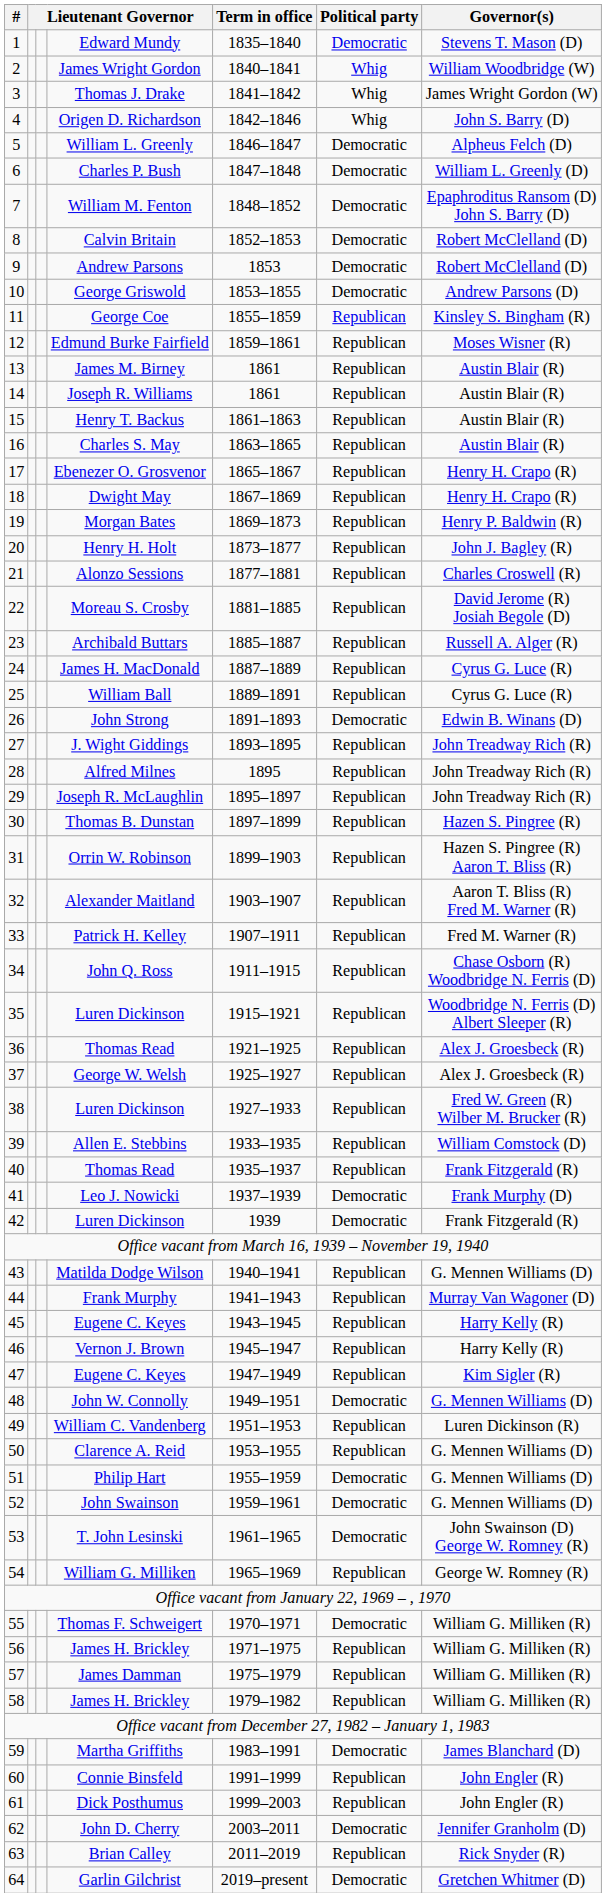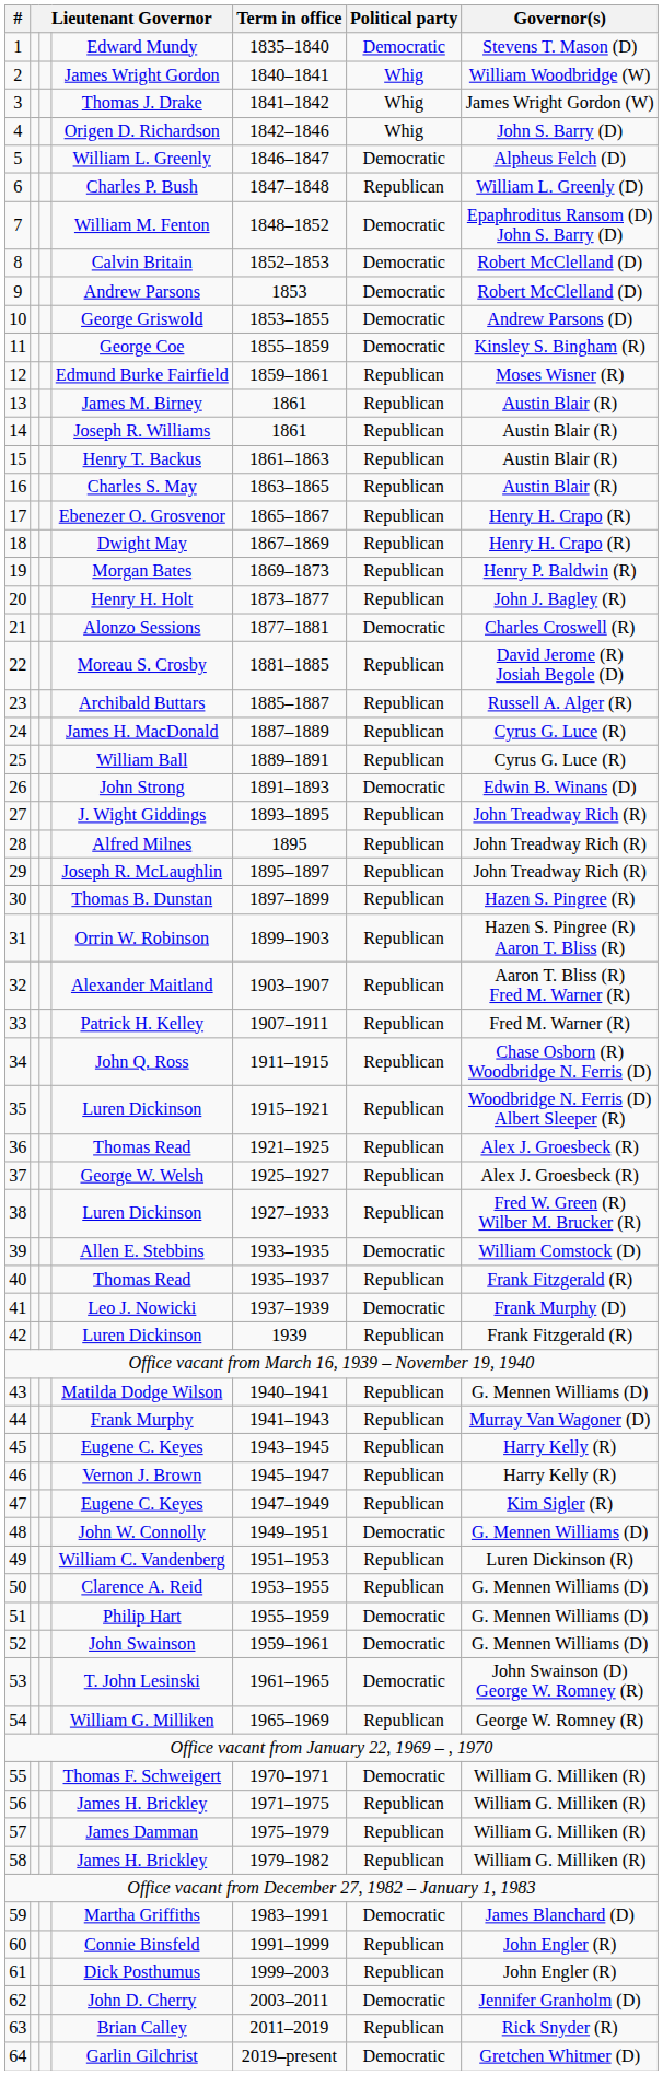 <table class="wikitable" style="text-align:center;">
 <tr>
 <th>#</th>
 <th colspan=3>Lieutenant Governor</th>
 <th>Term in office</th>
 <th>Political party</th>
 <th>Governor(s)</th>
 </tr>
 <tr>
 <td>1</td>
 <td></td>
 <td style="background:"> </td>
 <td><a href='#'>Edward Mundy</a></td>
 <td>1835–1840</td>
 <td><a href='#'>Democratic</a></td>
 <td><a href='#'>Stevens T. Mason</a> (D)</td>
 </tr>
 <tr>
 <td>2</td>
 <td></td>
 <td style="background:"> </td>
 <td><a href='#'>James Wright Gordon</a></td>
 <td>1840–1841</td>
 <td><a href='#'>Whig</a></td>
 <td><a href='#'>William Woodbridge</a> (W)</td>
 </tr>
 <tr>
 <td>3</td>
 <td></td>
 <td style="background:"> </td>
 <td><a href='#'>Thomas J. Drake</a></td>
 <td>1841–1842</td>
 <td>Whig</td>
 <td>James Wright Gordon (W)</td>
 </tr>
 <tr>
 <td>4</td>
 <td></td>
 <td style="background:"> </td>
 <td><a href='#'>Origen D. Richardson</a></td>
 <td>1842–1846</td>
 <td>Whig</td>
 <td><a href='#'>John S. Barry</a> (D)</td>
 </tr>
 <tr>
 <td>5</td>
 <td></td>
 <td style="background:"> </td>
 <td><a href='#'>William L. Greenly</a></td>
 <td>1846–1847</td>
 <td>Democratic</td>
 <td><a href='#'>Alpheus Felch</a> (D)</td>
 </tr>
 <tr>
 <td>6</td>
 <td></td>
 <td style="background:"> </td>
 <td><a href='#'>Charles P. Bush</a></td>
 <td>1847–1848</td>
-<td>Democratic</td>
+<td>Republican</td>
 <td><a href='#'>William L. Greenly</a> (D)</td>
 </tr>
 <tr>
 <td>7</td>
 <td></td>
 <td style="background:"> </td>
 <td><a href='#'>William M. Fenton</a></td>
 <td>1848–1852</td>
 <td>Democratic</td>
 <td><a href='#'>Epaphroditus Ransom</a> (D)<br><a href='#'>John S. Barry</a> (D)</td>
 </tr>
 <tr>
 <td>8</td>
 <td></td>
 <td style="background:"> </td>
 <td><a href='#'>Calvin Britain</a></td>
 <td>1852–1853</td>
 <td>Democratic</td>
 <td><a href='#'>Robert McClelland</a> (D)</td>
 </tr>
 <tr>
 <td>9</td>
 <td></td>
 <td style="background:"> </td>
 <td><a href='#'>Andrew Parsons</a></td>
 <td>1853</td>
 <td>Democratic</td>
 <td><a href='#'>Robert McClelland</a> (D)</td>
 </tr>
 <tr>
 <td>10</td>
 <td></td>
 <td style="background:"> </td>
 <td><a href='#'>George Griswold</a></td>
 <td>1853–1855</td>
 <td>Democratic</td>
 <td><a href='#'>Andrew Parsons</a> (D)</td>
 </tr>
 <tr>
 <td>11</td>
 <td></td>
 <td style="background:"> </td>
 <td><a href='#'>George Coe</a></td>
 <td>1855–1859</td>
-<td><a href='#'>Republican</a></td>
+<td>Democratic</td>
 <td><a href='#'>Kinsley S. Bingham</a> (R)</td>
 </tr>
 <tr>
 <td>12</td>
 <td></td>
 <td style="background:"> </td>
 <td><a href='#'>Edmund Burke Fairfield</a></td>
 <td>1859–1861</td>
 <td>Republican</td>
 <td><a href='#'>Moses Wisner</a> (R)</td>
 </tr>
 <tr>
 <td>13</td>
 <td></td>
 <td style="background:"> </td>
 <td><a href='#'>James M. Birney</a></td>
 <td>1861</td>
 <td>Republican</td>
 <td><a href='#'>Austin Blair</a> (R)</td>
 </tr>
 <tr>
 <td>14</td>
 <td></td>
 <td style="background:"> </td>
 <td><a href='#'>Joseph R. Williams</a></td>
 <td>1861</td>
 <td>Republican</td>
 <td>Austin Blair (R)</td>
 </tr>
 <tr>
 <td>15</td>
 <td></td>
 <td style="background:"> </td>
 <td><a href='#'>Henry T. Backus</a></td>
 <td>1861–1863</td>
 <td>Republican</td>
 <td>Austin Blair (R)</td>
 </tr>
 <tr>
 <td>16</td>
 <td></td>
 <td style="background:"> </td>
 <td><a href='#'>Charles S. May</a></td>
 <td>1863–1865</td>
 <td>Republican</td>
 <td><a href='#'>Austin Blair</a> (R)</td>
 </tr>
 <tr>
 <td>17</td>
 <td></td>
 <td style="background:"> </td>
 <td><a href='#'>Ebenezer O. Grosvenor</a></td>
 <td>1865–1867</td>
 <td>Republican</td>
 <td><a href='#'>Henry H. Crapo</a> (R)</td>
 </tr>
 <tr>
 <td>18</td>
 <td></td>
 <td style="background:"> </td>
 <td><a href='#'>Dwight May</a></td>
 <td>1867–1869</td>
 <td>Republican</td>
 <td><a href='#'>Henry H. Crapo</a> (R)</td>
 </tr>
 <tr>
 <td>19</td>
 <td></td>
 <td style="background:"> </td>
 <td><a href='#'>Morgan Bates</a></td>
 <td>1869–1873</td>
 <td>Republican</td>
 <td><a href='#'>Henry P. Baldwin</a> (R)</td>
 </tr>
 <tr>
 <td>20</td>
 <td></td>
 <td style="background:"> </td>
 <td><a href='#'>Henry H. Holt</a></td>
 <td>1873–1877</td>
 <td>Republican</td>
 <td><a href='#'>John J. Bagley</a> (R)</td>
 </tr>
 <tr>
 <td>21</td>
 <td></td>
 <td style="background:"> </td>
 <td><a href='#'>Alonzo Sessions</a></td>
 <td>1877–1881</td>
-<td>Republican</td>
+<td>Democratic</td>
 <td><a href='#'>Charles Croswell</a> (R)</td>
 </tr>
 <tr>
 <td>22</td>
 <td></td>
 <td style="background:"> </td>
 <td><a href='#'>Moreau S. Crosby</a></td>
 <td>1881–1885</td>
 <td>Republican</td>
 <td><a href='#'>David Jerome</a> (R)<br><a href='#'>Josiah Begole</a> (D)</td>
 </tr>
 <tr>
 <td>23</td>
 <td></td>
 <td style="background:"> </td>
 <td><a href='#'>Archibald Buttars</a></td>
 <td>1885–1887</td>
 <td>Republican</td>
 <td><a href='#'>Russell A. Alger</a> (R)</td>
 </tr>
 <tr>
 <td>24</td>
 <td></td>
 <td style="background:"> </td>
 <td><a href='#'>James H. MacDonald</a></td>
 <td>1887–1889</td>
 <td>Republican</td>
 <td><a href='#'>Cyrus G. Luce</a> (R)</td>
 </tr>
 <tr>
 <td>25</td>
 <td></td>
 <td style="background:"> </td>
 <td><a href='#'>William Ball</a></td>
 <td>1889–1891</td>
 <td>Republican</td>
 <td>Cyrus G. Luce (R)</td>
 </tr>
 <tr>
 <td>26</td>
 <td></td>
 <td style="background:"> </td>
 <td><a href='#'>John Strong</a></td>
 <td>1891–1893</td>
 <td>Democratic</td>
 <td><a href='#'>Edwin B. Winans</a> (D)</td>
 </tr>
 <tr>
 <td>27</td>
 <td></td>
 <td style="background:"> </td>
 <td><a href='#'>J. Wight Giddings</a></td>
 <td>1893–1895</td>
 <td>Republican</td>
 <td><a href='#'>John Treadway Rich</a> (R)</td>
 </tr>
 <tr>
 <td>28</td>
 <td></td>
 <td style="background:"> </td>
 <td><a href='#'>Alfred Milnes</a></td>
 <td>1895</td>
 <td>Republican</td>
 <td>John Treadway Rich (R)</td>
 </tr>
 <tr>
 <td>29</td>
 <td></td>
 <td style="background:"> </td>
 <td><a href='#'>Joseph R. McLaughlin</a></td>
 <td>1895–1897</td>
 <td>Republican</td>
 <td>John Treadway Rich (R)</td>
 </tr>
 <tr>
 <td>30</td>
 <td></td>
 <td style="background:"> </td>
 <td><a href='#'>Thomas B. Dunstan</a></td>
 <td>1897–1899</td>
 <td>Republican</td>
 <td><a href='#'>Hazen S. Pingree</a> (R)</td>
 </tr>
 <tr>
 <td>31</td>
 <td></td>
 <td style="background:"> </td>
 <td><a href='#'>Orrin W. Robinson</a></td>
 <td>1899–1903</td>
 <td>Republican</td>
 <td>Hazen S. Pingree (R)<br><a href='#'>Aaron T. Bliss</a> (R)</td>
 </tr>
 <tr>
 <td>32</td>
 <td></td>
 <td style="background:"> </td>
 <td><a href='#'>Alexander Maitland</a></td>
 <td>1903–1907</td>
 <td>Republican</td>
 <td>Aaron T. Bliss (R)<br><a href='#'>Fred M. Warner</a> (R)</td>
 </tr>
 <tr>
 <td>33</td>
 <td></td>
 <td style="background:"> </td>
 <td><a href='#'>Patrick H. Kelley</a></td>
 <td>1907–1911</td>
 <td>Republican</td>
 <td>Fred M. Warner (R)</td>
 </tr>
 <tr>
 <td>34</td>
 <td></td>
 <td style="background:"> </td>
 <td><a href='#'>John Q. Ross</a></td>
 <td>1911–1915</td>
 <td>Republican</td>
 <td><a href='#'>Chase Osborn</a> (R) <br><a href='#'>Woodbridge N. Ferris</a> (D)</td>
 </tr>
 <tr>
 <td>35</td>
 <td></td>
 <td style="background:"> </td>
 <td><a href='#'>Luren Dickinson</a></td>
 <td>1915–1921</td>
 <td>Republican</td>
 <td><a href='#'>Woodbridge N. Ferris</a> (D) <br> <a href='#'>Albert Sleeper</a> (R)</td>
 </tr>
 <tr>
 <td>36</td>
 <td></td>
 <td style="background:"> </td>
 <td><a href='#'>Thomas Read</a></td>
 <td>1921–1925</td>
 <td>Republican</td>
 <td><a href='#'>Alex J. Groesbeck</a> (R)</td>
 </tr>
 <tr>
 <td>37</td>
 <td></td>
 <td style="background:"> </td>
 <td><a href='#'>George W. Welsh</a></td>
 <td>1925–1927</td>
 <td>Republican</td>
 <td>Alex J. Groesbeck (R)</td>
 </tr>
 <tr>
 <td>38</td>
 <td></td>
 <td style="background:"> </td>
 <td><a href='#'>Luren Dickinson</a></td>
 <td>1927–1933</td>
 <td>Republican</td>
 <td><a href='#'>Fred W. Green</a> (R) <br><a href='#'>Wilber M. Brucker</a> (R)</td>
 </tr>
 <tr>
 <td>39</td>
 <td></td>
 <td style="background:"> </td>
 <td><a href='#'>Allen E. Stebbins</a></td>
 <td>1933–1935</td>
-<td>Republican</td>
+<td>Democratic</td>
 <td><a href='#'>William Comstock</a> (D)</td>
 </tr>
 <tr>
 <td>40</td>
 <td></td>
 <td style="background:"> </td>
 <td><a href='#'>Thomas Read</a></td>
 <td>1935–1937</td>
 <td>Republican</td>
 <td><a href='#'>Frank Fitzgerald</a> (R)</td>
 </tr>
 <tr>
 <td>41</td>
 <td></td>
 <td style="background:"> </td>
 <td><a href='#'>Leo J. Nowicki</a></td>
 <td>1937–1939</td>
 <td>Democratic</td>
 <td><a href='#'>Frank Murphy</a> (D)</td>
 </tr>
 <tr>
 <td>42</td>
 <td></td>
 <td style="background:"> </td>
 <td><a href='#'>Luren Dickinson</a></td>
 <td>1939</td>
-<td>Democratic</td>
+<td>Republican</td>
 <td>Frank Fitzgerald (R)</td>
 </tr>
 <tr>
 <td colspan=7 align=center><em>Office vacant from March 16, 1939 – November 19, 1940</em></td>
 </tr>
 <tr>
 <td>43</td>
 <td></td>
 <td style="background:"> </td>
 <td><a href='#'>Matilda Dodge Wilson</a></td>
 <td>1940–1941</td>
 <td>Republican</td>
 <td>G. Mennen Williams (D)</td>
 </tr>
 <tr>
 <td>44</td>
 <td></td>
 <td style="background:"> </td>
 <td><a href='#'>Frank Murphy</a></td>
 <td>1941–1943</td>
 <td>Republican</td>
 <td><a href='#'>Murray Van Wagoner</a> (D)</td>
 </tr>
 <tr>
 <td>45</td>
 <td></td>
 <td style="background:"> </td>
 <td><a href='#'>Eugene C. Keyes</a></td>
 <td>1943–1945</td>
 <td>Republican</td>
 <td><a href='#'>Harry Kelly</a> (R)</td>
 </tr>
 <tr>
 <td>46</td>
 <td></td>
 <td style="background:"> </td>
 <td><a href='#'>Vernon J. Brown</a></td>
 <td>1945–1947</td>
 <td>Republican</td>
 <td>Harry Kelly (R)</td>
 </tr>
 <tr>
 <td>47</td>
 <td></td>
 <td style="background:"> </td>
 <td><a href='#'>Eugene C. Keyes</a></td>
 <td>1947–1949</td>
 <td>Republican</td>
 <td><a href='#'>Kim Sigler</a> (R)</td>
 </tr>
 <tr>
 <td>48</td>
 <td></td>
 <td style="background:"> </td>
 <td><a href='#'>John W. Connolly</a></td>
 <td>1949–1951</td>
 <td>Democratic</td>
 <td><a href='#'>G. Mennen Williams</a> (D)</td>
 </tr>
 <tr>
 <td>49</td>
 <td></td>
 <td style="background:"> </td>
 <td><a href='#'>William C. Vandenberg</a></td>
 <td>1951–1953</td>
 <td>Republican</td>
 <td>Luren Dickinson (R)</td>
 </tr>
 <tr>
 <td>50</td>
 <td></td>
 <td style="background:"> </td>
 <td><a href='#'>Clarence A. Reid</a></td>
 <td>1953–1955</td>
 <td>Republican</td>
 <td>G. Mennen Williams (D)</td>
 </tr>
 <tr>
 <td>51</td>
 <td></td>
 <td style="background:"> </td>
 <td><a href='#'>Philip Hart</a></td>
 <td>1955–1959</td>
 <td>Democratic</td>
 <td>G. Mennen Williams (D)</td>
 </tr>
 <tr>
 <td>52</td>
 <td></td>
 <td style="background:"> </td>
 <td><a href='#'>John Swainson</a></td>
 <td>1959–1961</td>
 <td>Democratic</td>
 <td>G. Mennen Williams (D)</td>
 </tr>
 <tr>
 <td>53</td>
 <td></td>
 <td style="background:"> </td>
 <td><a href='#'>T. John Lesinski</a></td>
 <td>1961–1965</td>
 <td>Democratic</td>
 <td>John Swainson (D) <br><a href='#'>George W. Romney</a> (R)</td>
 </tr>
 <tr>
 <td>54</td>
 <td></td>
 <td style="background:"> </td>
 <td><a href='#'>William G. Milliken</a></td>
 <td>1965–1969</td>
 <td>Republican</td>
 <td>George W. Romney (R)</td>
 </tr>
 <tr>
 <td colspan=7 align=center><em>Office vacant from January 22, 1969 –</em> <em>, 1970</em></td>
 </tr>
 <tr>
 <td>55</td>
 <td></td>
 <td style="background:"> </td>
 <td><a href='#'>Thomas F. Schweigert</a></td>
 <td>1970–1971</td>
 <td>Democratic</td>
 <td>William G. Milliken (R)</td>
 </tr>
 <tr>
 <td>56</td>
 <td></td>
 <td style="background:"> </td>
 <td><a href='#'>James H. Brickley</a></td>
 <td>1971–1975</td>
 <td>Republican</td>
 <td>William G. Milliken (R)</td>
 </tr>
 <tr>
 <td>57</td>
 <td></td>
 <td style="background:"> </td>
 <td><a href='#'>James Damman</a></td>
 <td>1975–1979</td>
 <td>Republican</td>
 <td>William G. Milliken (R)</td>
 </tr>
 <tr>
 <td>58</td>
 <td></td>
 <td style="background:"> </td>
 <td><a href='#'>James H. Brickley</a></td>
 <td>1979–1982</td>
 <td>Republican</td>
 <td>William G. Milliken (R)</td>
 </tr>
 <tr>
 <td colspan=7 align=center><em>Office vacant from December 27, 1982 – January 1, 1983</em></td>
 </tr>
 <tr>
 <td>59</td>
 <td></td>
 <td style="background:"> </td>
 <td><a href='#'>Martha Griffiths</a></td>
 <td>1983–1991</td>
 <td>Democratic</td>
 <td><a href='#'>James Blanchard</a> (D)</td>
 </tr>
 <tr>
 <td>60</td>
 <td></td>
 <td style="background:"> </td>
 <td><a href='#'>Connie Binsfeld</a></td>
 <td>1991–1999</td>
 <td>Republican</td>
 <td><a href='#'>John Engler</a> (R)</td>
 </tr>
 <tr>
 <td>61</td>
 <td></td>
 <td style="background:"> </td>
 <td><a href='#'>Dick Posthumus</a></td>
 <td>1999–2003</td>
 <td>Republican</td>
 <td>John Engler (R)</td>
 </tr>
 <tr>
 <td>62</td>
 <td></td>
 <td style="background:"> </td>
 <td><a href='#'>John D. Cherry</a></td>
 <td>2003–2011</td>
 <td>Democratic</td>
 <td><a href='#'>Jennifer Granholm</a> (D)</td>
 </tr>
 <tr>
 <td>63</td>
 <td></td>
 <td style="background:"> </td>
 <td><a href='#'>Brian Calley</a></td>
 <td>2011–2019</td>
 <td>Republican</td>
 <td><a href='#'>Rick Snyder</a> (R)</td>
 </tr>
 <tr>
 <td>64</td>
 <td></td>
 <td style="background:"> </td>
 <td><a href='#'>Garlin Gilchrist</a></td>
 <td>2019–present</td>
 <td>Democratic</td>
 <td><a href='#'>Gretchen Whitmer</a> (D)</td>
 </tr>
 </table>
